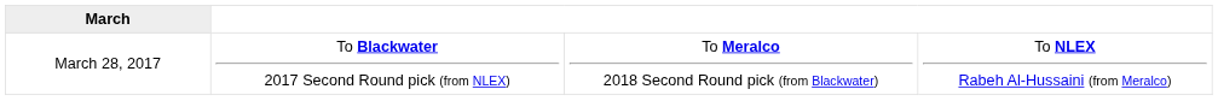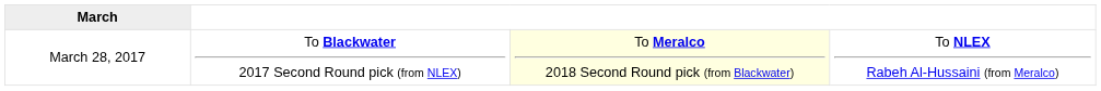 <table border=1 style="border-collapse:collapse; text-align: center; width: 100%" bordercolor="#DFDFDF"  cellpadding="5">
 <tr bgcolor="eeeeee">
 <th>March</th>
 </tr>
 <tr>
 <td style="width:17%">March 28, 2017</td>
 <td style="width:29.3%" valign="top">To <strong><a href='#'>Blackwater</a></strong><hr>2017 Second Round pick <small>(from <a href='#'>NLEX</a>)</small></td>
-<td style="width:29.3%" valign="top">To <strong><a href='#'>Meralco</a></strong><hr>2018 Second Round pick <small>(from <a href='#'>Blackwater</a>)</small></td>
+<td style="background: lightyellow; width:29.3%" valign="top">To <strong><a href='#'>Meralco</a></strong><hr>2018 Second Round pick <small>(from <a href='#'>Blackwater</a>)</small></td>
 <td style="width:29.3%" valign="top">To <strong><a href='#'>NLEX</a></strong><hr><a href='#'>Rabeh Al-Hussaini</a> <small>(from <a href='#'>Meralco</a>)</small></td>
 </tr>
 </table>
